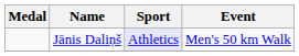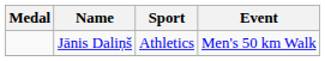 <table class="wikitable sortable" style="font-size: 95%;">
 <tr>
 <th>Medal</th>
 <th>Name</th>
 <th>Sport</th>
 <th>Event</th>
 </tr>
 <tr>
 <td></td>
 <td><a href='#'>Jānis Daliņš</a></td>
-<td style="background: lavender;"><a href='#'>Athletics</a></td>
+<td><a href='#'>Athletics</a></td>
 <td><a href='#'>Men's 50 km Walk</a></td>
 </tr>
 <tr>
 </tr>
 </table>
